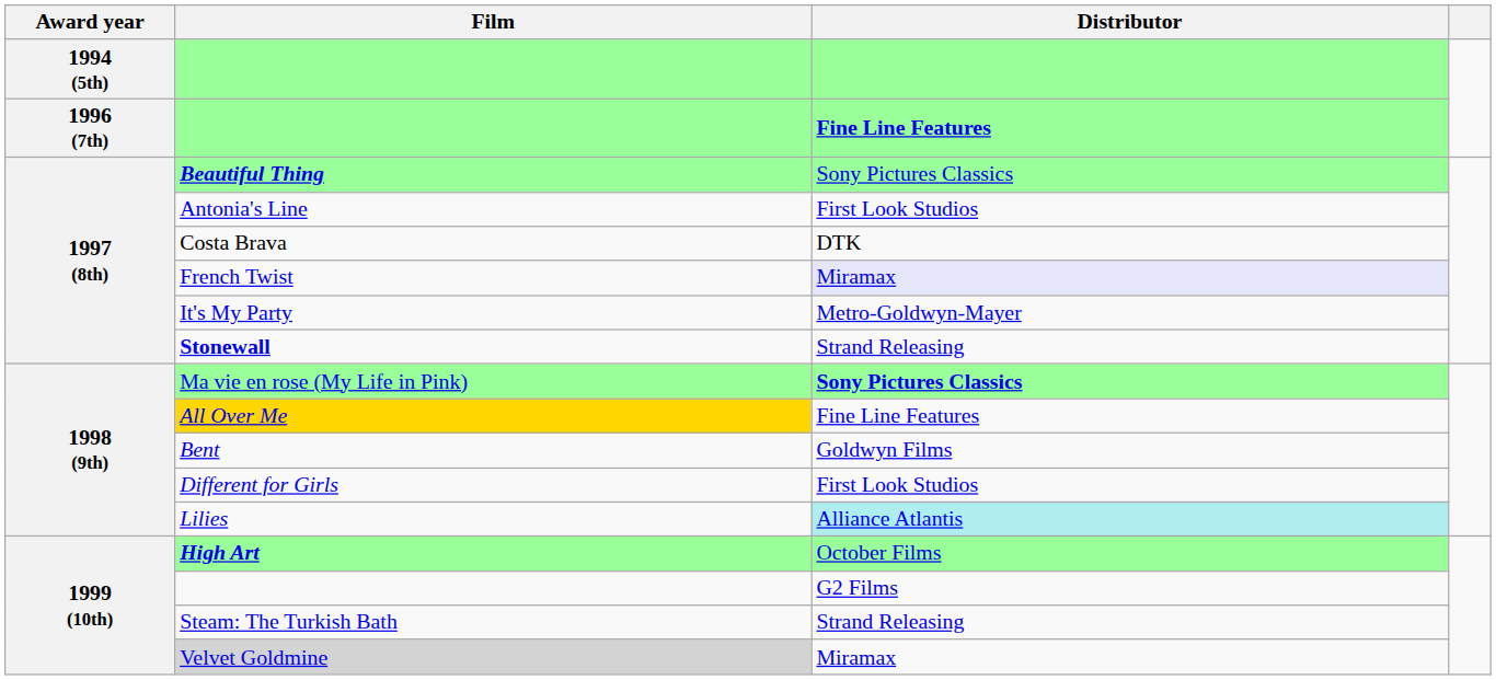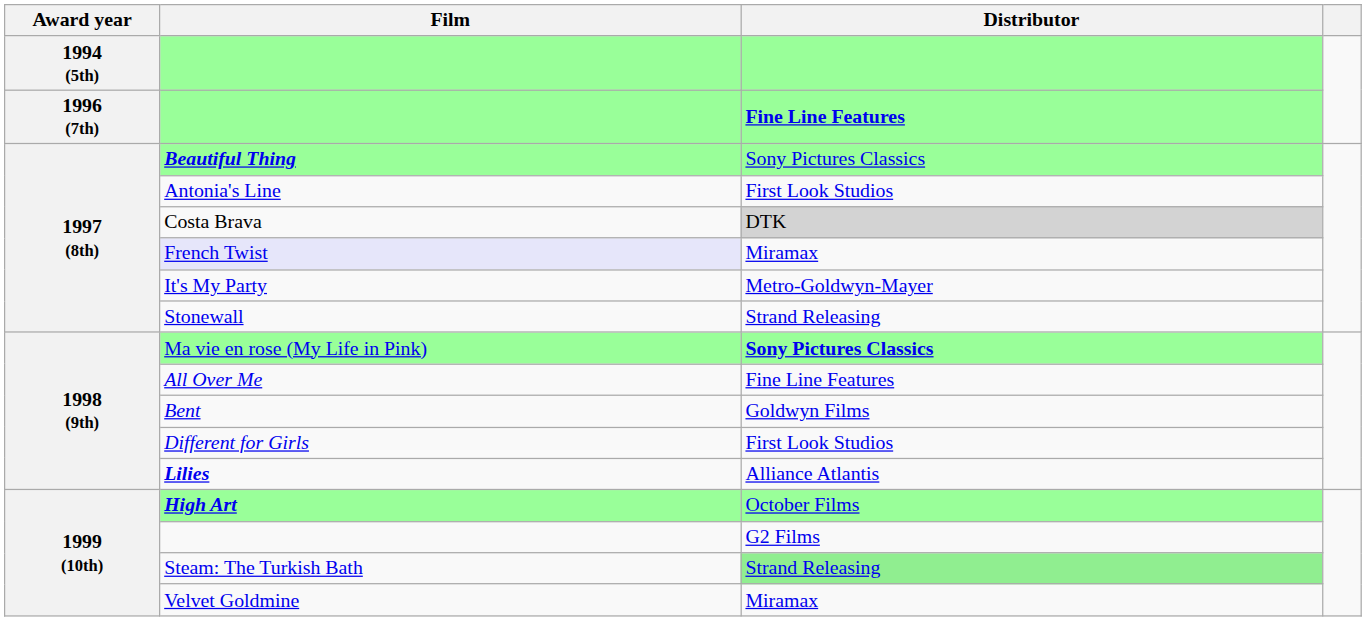 <table class="wikitable sortable">
 <tr>
 <th scope="col" style="width:8%">Award year</th>
 <th scope="col" style="width:30%">Film</th>
 <th scope="col" style="width:30%">Distributor</th>
 <th scope="col" style="width:2%" class="unsortable"></th>
 </tr>
 <tr>
 <th scope="row" style="text-align:center">1994<br><small>(5th)</small></th>
 <td style="background:#99ff99;"><strong><em><em> <strong></td>
 <td style="background:#99ff99;"></strong><strong></td>
 <td rowspan="2" align="center"></td>
 </tr>
 <tr>
 <th scope="row" style="text-align:center">1996<br><small>(7th)</small></th>
 <td style="background:#99ff99;"></em></strong></em> </strong></td>
 <td style="background:#99ff99;"><strong><a href='#'>Fine Line Features</a></strong></td>
 </tr>
 <tr>
 <th rowspan="6" scope="rowgroup" style="text-align:center">1997<br><small>(8th)</small></th>
 <td style="background:#99ff99;"><strong><em><a href='#'>Beautiful Thing</a><em> <strong></td>
 <td style="background:#99ff99;"></strong><a href='#'>Sony Pictures Classics</a><strong></td>
 <td rowspan="6" align="center"><br></td>
 </tr>
 <tr>
 <td></em><a href='#'>Antonia's Line</a><em></td>
 <td><a href='#'>First Look Studios</a></td>
 </tr>
 <tr>
 <td></em>Costa Brava<em></td>
-<td>DTK</td>
+<td style="background: lightgrey;">DTK</td>
 </tr>
 <tr>
-<td></em><a href='#'>French Twist</a><em></td>
-<td style="background: lavender;"><a href='#'>Miramax</a></td>
+<td style="background: lavender;"></em><a href='#'>French Twist</a><em></td>
+<td><a href='#'>Miramax</a></td>
 </tr>
 <tr>
 <td></em><a href='#'>It's My Party</a><em></td>
 <td><a href='#'>Metro-Goldwyn-Mayer</a></td>
 </tr>
 <tr>
-<td><strong></em><a href='#'>Stonewall</a><em></strong></td>
+<td></em><a href='#'>Stonewall</a><em></td>
 <td><a href='#'>Strand Releasing</a></td>
 </tr>
 <tr>
 <th rowspan="5" scope="rowgroup" style="text-align:center">1998<br><small>(9th)</small></th>
 <td style="background:#99ff99;"></em></strong><a href='#'>Ma vie en rose (My Life in Pink)</a></em> </strong></td>
 <td style="background:#99ff99;"><strong><a href='#'>Sony Pictures Classics</a></strong></td>
 <td rowspan="5" align="center"><br><br></td>
 </tr>
 <tr>
-<td style="background: gold;"><em><a href='#'>All Over Me</a></em></td>
+<td><em><a href='#'>All Over Me</a></em></td>
 <td><a href='#'>Fine Line Features</a></td>
 </tr>
 <tr>
 <td><em><a href='#'>Bent</a></em></td>
 <td><a href='#'>Goldwyn Films</a></td>
 </tr>
 <tr>
 <td><em><a href='#'>Different for Girls</a></em></td>
 <td><a href='#'>First Look Studios</a></td>
 </tr>
 <tr>
-<td><em><a href='#'>Lilies</a></em></td>
-<td style="background: paleturquoise;"><a href='#'>Alliance Atlantis</a></td>
+<td><strong><em><a href='#'>Lilies</a></em></strong></td>
+<td><a href='#'>Alliance Atlantis</a></td>
 </tr>
 <tr>
 <th rowspan="4" scope="rowgroup" style="text-align:center">1999<br><small>(10th)</small></th>
 <td style="background:#99ff99;"><strong><em><a href='#'>High Art</a><em> <strong></td>
 <td style="background:#99ff99;"></strong><a href='#'>October Films</a><strong></td>
 <td rowspan="4" align="center"><br></td>
 </tr>
 <tr>
 <td></em><em></td>
 <td><a href='#'>G2 Films</a></td>
 </tr>
 <tr>
 <td></em><a href='#'>Steam: The Turkish Bath</a><em></td>
-<td><a href='#'>Strand Releasing</a></td>
+<td style="background: lightgreen;"><a href='#'>Strand Releasing</a></td>
 </tr>
 <tr>
-<td style="background: lightgrey;"></em><a href='#'>Velvet Goldmine</a><em></td>
+<td></em><a href='#'>Velvet Goldmine</a><em></td>
 <td><a href='#'>Miramax</a></td>
 </tr>
 </table>
